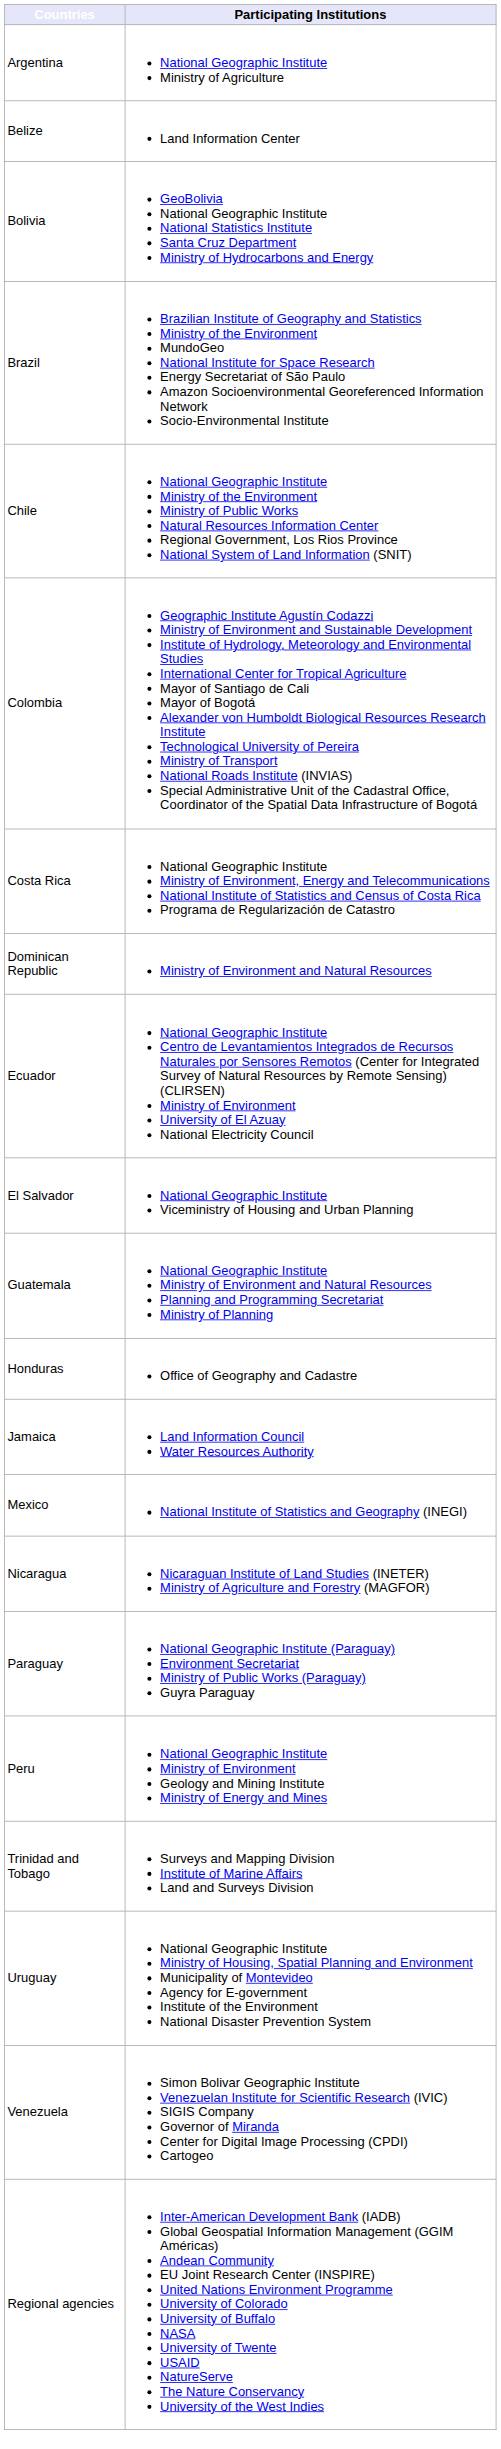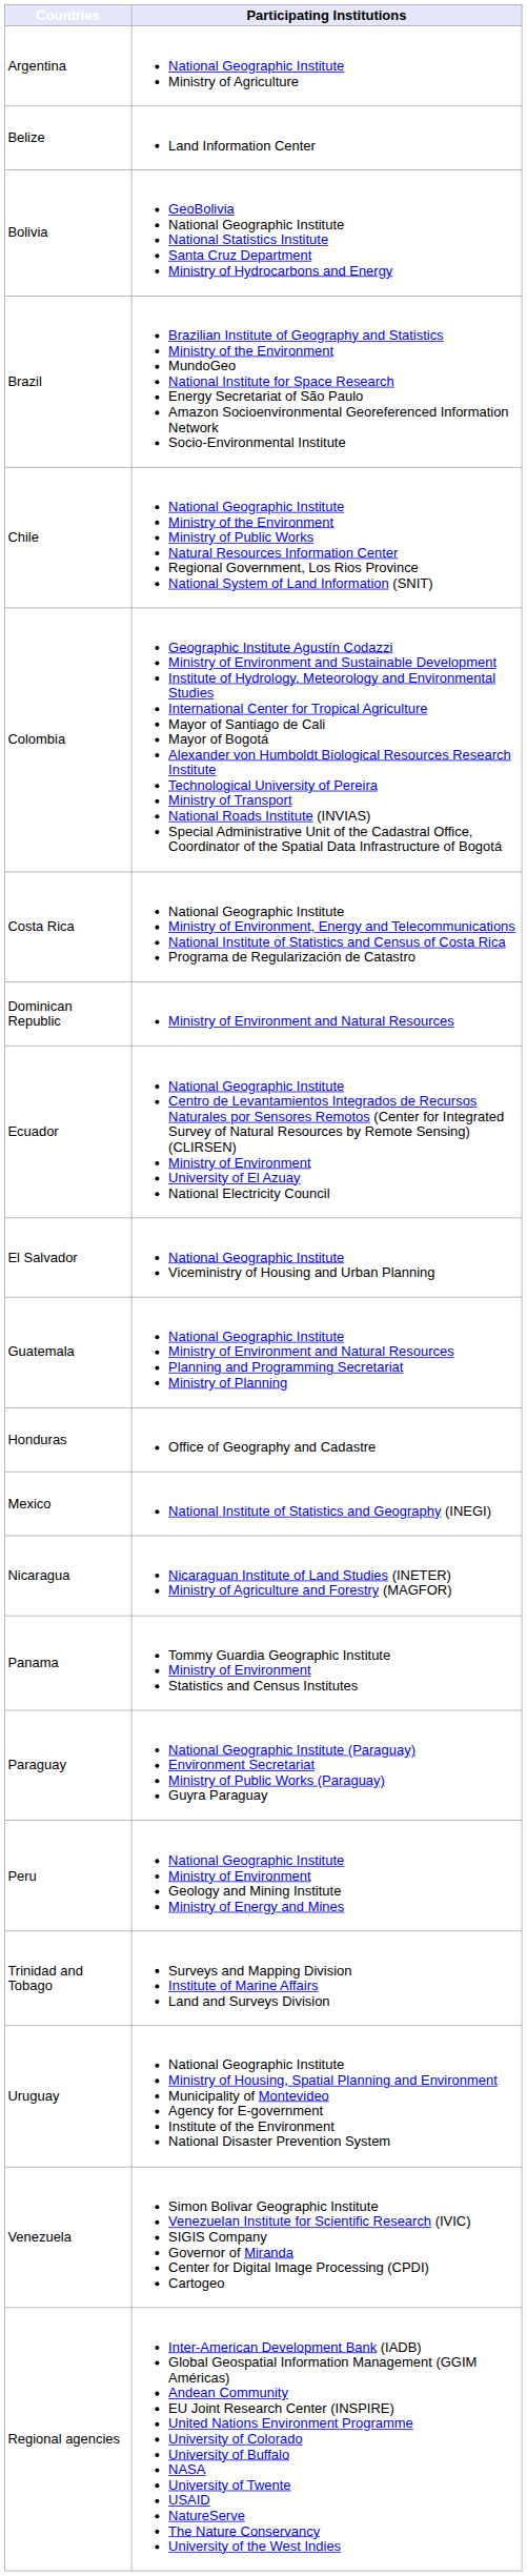 <table border="0" style="background:#ffffff" align="top" class="sortable wikitable">
 <tr>
 <th width="200 px" style="background:Lavender; color:white">Countries</th>
 <th width="700 px" style="background:Lavender; color:Black">Participating Institutions</th>
 </tr>
 <tr>
 <td>Argentina</td>
 <td><br><ul><li><a href='#'>National Geographic Institute</a>  </li><li>Ministry of Agriculture </li></ul></td>
 </tr>
 <tr>
 <td>Belize</td>
 <td><br><ul><li>Land Information Center  </li></ul></td>
 </tr>
 <tr>
 <td>Bolivia</td>
 <td><br><ul><li><a href='#'>GeoBolivia</a>  </li><li>National Geographic Institute </li><li><a href='#'>National Statistics Institute</a>  </li><li><a href='#'>Santa Cruz Department</a></li><li><a href='#'>Ministry of Hydrocarbons and Energy</a>  </li></ul></td>
 </tr>
 <tr>
 <td>Brazil</td>
 <td><br><ul><li><a href='#'>Brazilian Institute of Geography and Statistics</a></li><li><a href='#'>Ministry of the Environment</a></li><li>MundoGeo  </li><li><a href='#'>National Institute for Space Research</a></li><li>Energy Secretariat of São Paulo  </li><li>Amazon Socioenvironmental Georeferenced Information Network  </li><li>Socio-Environmental Institute  </li></ul></td>
 </tr>
 <tr>
 <td>Chile</td>
 <td><br><ul><li><a href='#'>National Geographic Institute</a>  </li><li><a href='#'>Ministry of the Environment</a>  </li><li><a href='#'>Ministry of Public Works</a></li><li><a href='#'>Natural Resources Information Center</a> </li><li>Regional Government, Los Rios Province  </li><li><a href='#'>National System of Land Information</a> (SNIT)  </li></ul></td>
 </tr>
 <tr>
 <td>Colombia</td>
 <td><br><ul><li><a href='#'>Geographic Institute Agustín Codazzi</a></li><li><a href='#'>Ministry of Environment and Sustainable Development</a></li><li><a href='#'>Institute of Hydrology, Meteorology and Environmental Studies</a></li><li><a href='#'>International Center for Tropical Agriculture</a></li><li>Mayor of Santiago de Cali  </li><li>Mayor of Bogotá  </li><li><a href='#'>Alexander von Humboldt Biological Resources Research Institute</a></li><li><a href='#'>Technological University of Pereira</a></li><li><a href='#'>Ministry of Transport</a></li><li><a href='#'>National Roads Institute</a> (INVIAS)</li><li>Special Administrative Unit of the Cadastral Office, Coordinator of the Spatial Data Infrastructure of Bogotá  </li></ul></td>
 </tr>
 <tr>
 <td>Costa Rica</td>
 <td><br><ul><li>National Geographic Institute  </li><li><a href='#'>Ministry of Environment, Energy and Telecommunications</a></li><li><a href='#'>National Institute of Statistics and Census of Costa Rica</a></li><li>Programa de Regularización de Catastro  </li></ul></td>
 </tr>
 <tr>
 <td>Dominican Republic</td>
 <td><br><ul><li><a href='#'>Ministry of Environment and Natural Resources</a>  </li></ul></td>
 </tr>
 <tr>
 <td>Ecuador</td>
 <td><br><ul><li><a href='#'>National Geographic Institute</a>  </li><li><a href='#'>Centro de Levantamientos Integrados de Recursos Naturales por Sensores Remotos</a> (Center for Integrated Survey of Natural Resources by Remote Sensing) (CLIRSEN)</li><li><a href='#'>Ministry of Environment</a>  </li><li><a href='#'>University of El Azuay</a>  </li><li>National Electricity Council  </li></ul></td>
 </tr>
 <tr>
 <td>El Salvador</td>
 <td><br><ul><li><a href='#'>National Geographic Institute</a> </li><li>Viceministry of Housing and Urban Planning  </li></ul></td>
 </tr>
 <tr>
 <td>Guatemala</td>
 <td><br><ul><li><a href='#'>National Geographic Institute</a>  </li><li><a href='#'>Ministry of Environment and Natural Resources</a>  </li><li><a href='#'>Planning and Programming Secretariat</a>  </li><li><a href='#'>Ministry of Planning</a>  </li></ul></td>
 </tr>
 <tr>
 <td>Honduras</td>
 <td><br><ul><li>Office of Geography and Cadastre  </li></ul></td>
 </tr>
 <tr>
-<td>Jamaica</td>
-<td><br><ul><li><a href='#'>Land Information Council</a>  </li><li><a href='#'>Water Resources Authority</a>  </li></ul></td>
-</tr>
-<tr>
 <td>Mexico</td>
 <td><br><ul><li><a href='#'>National Institute of Statistics and Geography</a> (INEGI)</li></ul></td>
 </tr>
 <tr>
 <td>Nicaragua</td>
 <td><br><ul><li><a href='#'>Nicaraguan Institute of Land Studies</a> (INETER)  </li><li><a href='#'>Ministry of Agriculture and Forestry</a> (MAGFOR)</li></ul></td>
+</tr>
+<tr>
+<td>Panama</td>
+<td><br><ul><li>Tommy Guardia Geographic Institute  </li><li><a href='#'>Ministry of Environment</a></li><li>Statistics and Census Institutes  </li></ul></td>
 </tr>
 <tr>
 <td>Paraguay</td>
 <td><br><ul><li><a href='#'>National Geographic Institute (Paraguay)</a> </li><li><a href='#'>Environment Secretariat</a>  </li><li><a href='#'>Ministry of Public Works (Paraguay)</a>  </li><li>Guyra Paraguay  </li></ul></td>
 </tr>
 <tr>
 <td>Peru</td>
 <td><br><ul><li><a href='#'>National Geographic Institute</a>  </li><li><a href='#'>Ministry of Environment</a></li><li>Geology and Mining Institute  </li><li><a href='#'>Ministry of Energy and Mines</a></li></ul></td>
 </tr>
 <tr>
 <td>Trinidad and Tobago</td>
 <td><br><ul><li>Surveys and Mapping Division  </li><li><a href='#'>Institute of Marine Affairs</a>  </li><li>Land and Surveys Division  </li></ul></td>
 </tr>
 <tr>
 <td>Uruguay</td>
 <td><br><ul><li>National Geographic Institute  </li><li><a href='#'>Ministry of Housing, Spatial Planning and Environment</a>  </li><li>Municipality of <a href='#'>Montevideo</a>  </li><li>Agency for E-government  </li><li>Institute of the Environment  </li><li>National Disaster Prevention System  </li></ul></td>
 </tr>
 <tr>
 <td>Venezuela</td>
 <td><br><ul><li>Simon Bolivar Geographic Institute  </li><li><a href='#'>Venezuelan Institute for Scientific Research</a> (IVIC)</li><li>SIGIS Company  </li><li>Governor of <a href='#'>Miranda</a></li><li>Center for Digital Image Processing (CPDI)  </li><li>Cartogeo  </li></ul></td>
 </tr>
 <tr>
 <td>Regional agencies</td>
 <td><br><ul><li><a href='#'>Inter-American Development Bank</a> (IADB)</li><li>Global Geospatial Information Management (GGIM Américas)  </li><li><a href='#'>Andean Community</a></li><li>EU Joint Research Center (INSPIRE)  </li><li><a href='#'>United Nations Environment Programme</a></li><li><a href='#'>University of Colorado</a></li><li><a href='#'>University of Buffalo</a></li><li><a href='#'>NASA</a></li><li><a href='#'>University of Twente</a></li><li><a href='#'>USAID</a></li><li><a href='#'>NatureServe</a></li><li><a href='#'>The Nature Conservancy</a></li><li><a href='#'>University of the West Indies</a></li></ul></td>
 </tr>
 </table>
